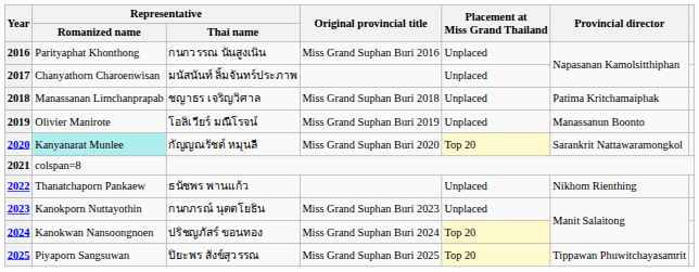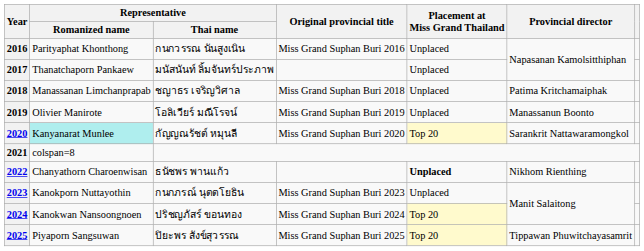 <table class="wikitable defaultcenter col2left col3left col6left" style="font-size:95%;">
 <tr>
 <th rowspan=2>Year</th>
 <th colspan=2>Representative</th>
 <th rowspan=2>Original provincial title</th>
 <th rowspan=2>Placement at<br>Miss Grand Thailand</th>
 <th rowspan=2>Provincial director</th>
 <th rowspan=2></th>
 </tr>
 <tr>
 <th>Romanized name</th>
 <th>Thai name</th>
 </tr>
 <tr>
 <th>2016</th>
 <td>Parityaphat Khonthong</td>
 <td>กนกวรรณ นันสูงเนิน</td>
 <td>Miss Grand Suphan Buri 2016</td>
 <td>Unplaced</td>
 <td rowspan=2>Napasanan Kamolsitthiphan</td>
 <td></td>
 </tr>
 <tr>
 <th>2017</th>
-<td>Chanyathorn Charoenwisan</td>
+<td>Thanatchaporn Pankaew</td>
 <td>มนัสนันท์ ลิ้มจันทร์ประภาพ</td>
 <td></td>
 <td>Unplaced</td>
 <td></td>
 </tr>
 <tr>
 <th>2018</th>
 <td>Manassanan Limchanprapab</td>
 <td>ชญาธร เจริญวิศาล</td>
 <td>Miss Grand Suphan Buri 2018</td>
 <td>Unplaced</td>
 <td>Patima Kritchamaiphak</td>
 <td></td>
 </tr>
 <tr>
 <th>2019</th>
 <td>Olivier Manirote</td>
 <td>โอลิเวียร์ มณีโรจน์</td>
 <td>Miss Grand Suphan Buri 2019</td>
 <td>Unplaced</td>
 <td>Manassanun Boonto</td>
 <td></td>
 </tr>
 <tr>
 <th><a href='#'>2020</a></th>
 <td style="background: paleturquoise;">Kanyanarat Munlee</td>
 <td>กัญญณรัชต์ หมุนลี</td>
 <td>Miss Grand Suphan Buri 2020</td>
 <td bgcolor=#FFFACD>Top 20</td>
 <td>Sarankrit Nattawaramongkol</td>
 <td></td>
 </tr>
 <tr>
 <th>2021</th>
 <td>colspan=8 </td>
 </tr>
 <tr>
 <th><a href='#'>2022</a></th>
-<td>Thanatchaporn Pankaew</td>
+<td>Chanyathorn Charoenwisan</td>
 <td>ธนัชพร พานแก้ว</td>
 <td></td>
-<td>Unplaced</td>
+<td><strong>Unplaced</strong></td>
 <td>Nikhom Rienthing</td>
 <td></td>
 </tr>
 <tr>
 <th><a href='#'>2023</a></th>
 <td>Kanokporn Nuttayothin</td>
 <td>กนกภรณ์ นุตตโยธิน</td>
 <td>Miss Grand Suphan Buri 2023</td>
 <td>Unplaced</td>
 <td rowspan=2>Manit Salaitong </td>
 <td></td>
 </tr>
 <tr>
 <th><a href='#'>2024</a></th>
 <td>Kanokwan Nansoongnoen</td>
 <td>ปริชญภัสร์ ขอนทอง</td>
 <td>Miss Grand Suphan Buri 2024</td>
 <td bgcolor=#FFFACD>Top 20</td>
 <td></td>
 </tr>
 <tr>
 <th><a href='#'>2025</a></th>
 <td>Piyaporn Sangsuwan</td>
 <td>ปิยะพร สังข์สุวรรณ</td>
 <td>Miss Grand Suphan Buri 2025</td>
 <td bgcolor=#FFFACD>Top 20</td>
 <td>Tippawan Phuwitchayasamrit</td>
 <td></td>
 </tr>
 </table>
